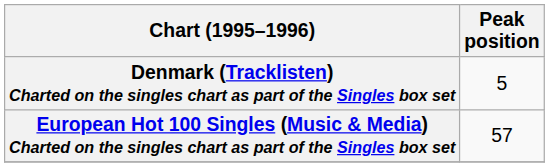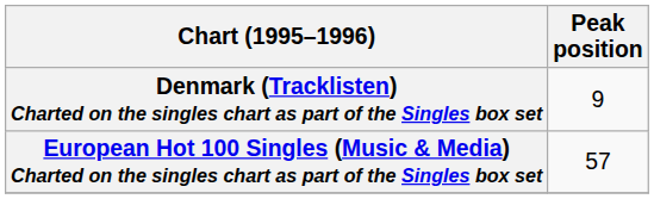 <table class="wikitable sortable plainrowheaders">
 <tr>
 <th>Chart (1995–1996)</th>
 <th>Peak<br>position</th>
 </tr>
 <tr>
 <th scope="row">Denmark (<a href='#'>Tracklisten</a>)<br><small><em>Charted on the singles chart as part of the <a href='#'>Singles</a> box set</em></small></th>
-<td style="text-align:center;">5</td>
+<td style="text-align:center;">9</td>
 </tr>
 <tr>
 <th scope="row"><a href='#'>European Hot 100 Singles</a> (<a href='#'>Music & Media</a>)<br><small><em>Charted on the singles chart as part of the <a href='#'>Singles</a> box set</em></small></th>
 <td style="text-align:center;">57</td>
 </tr>
 <tr>
 </tr>
 </table>
